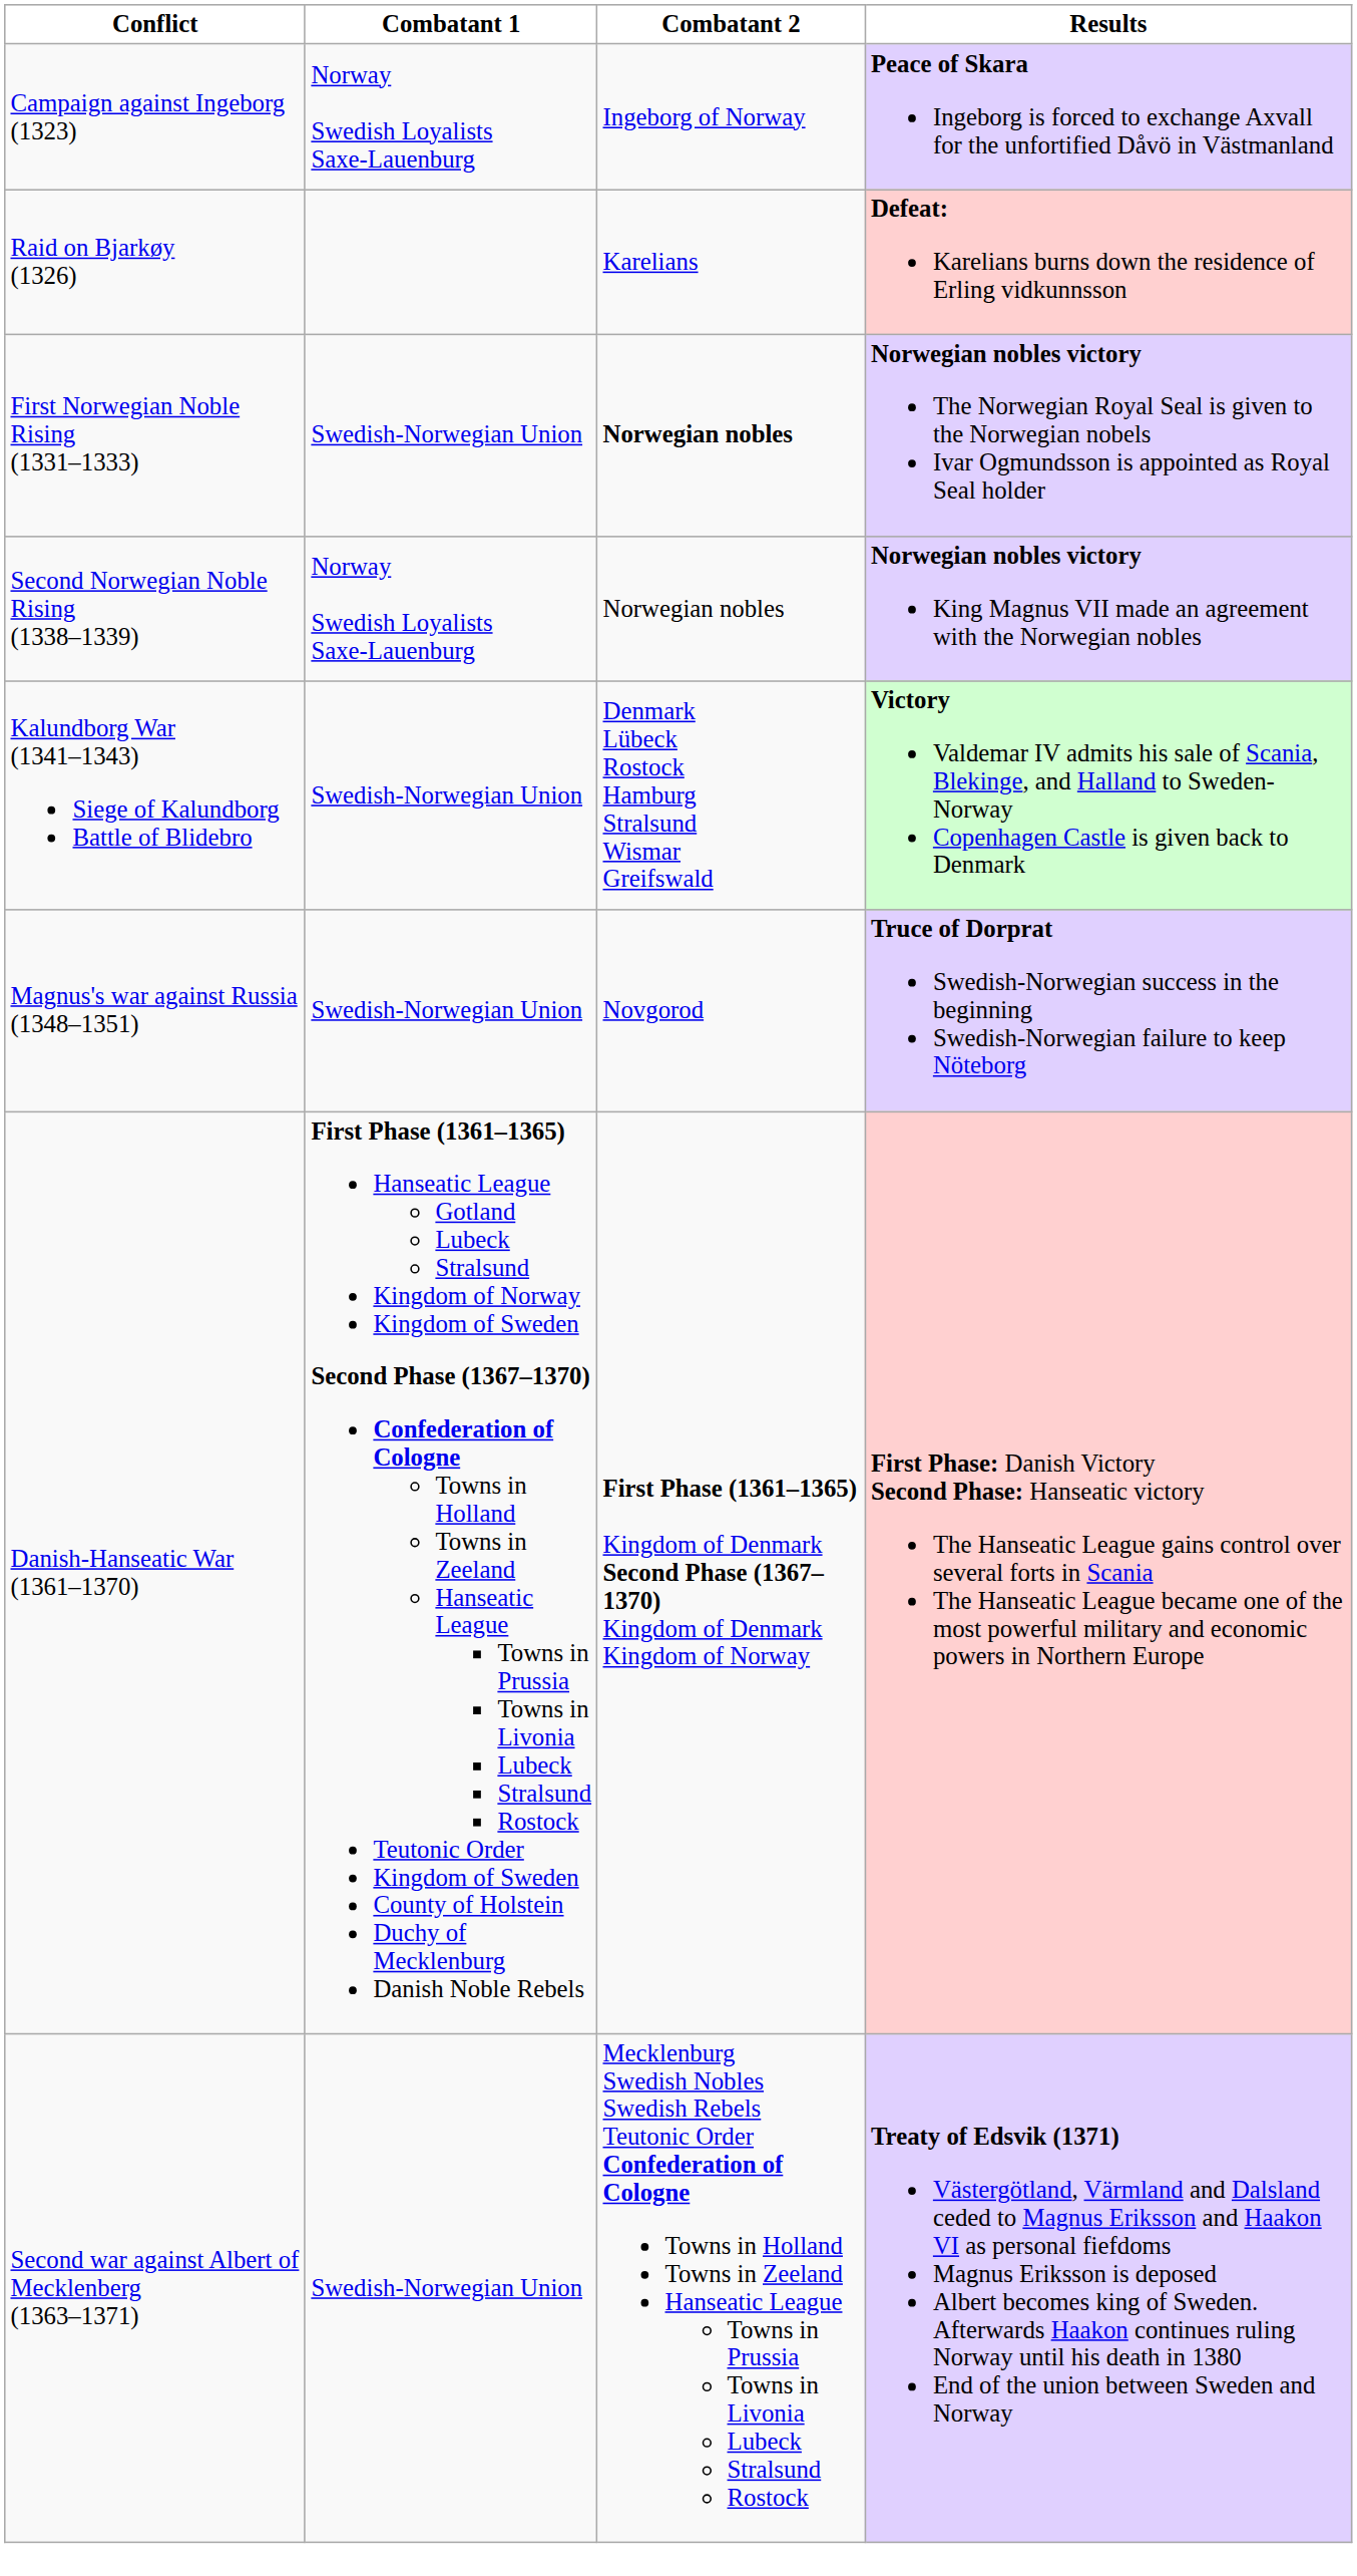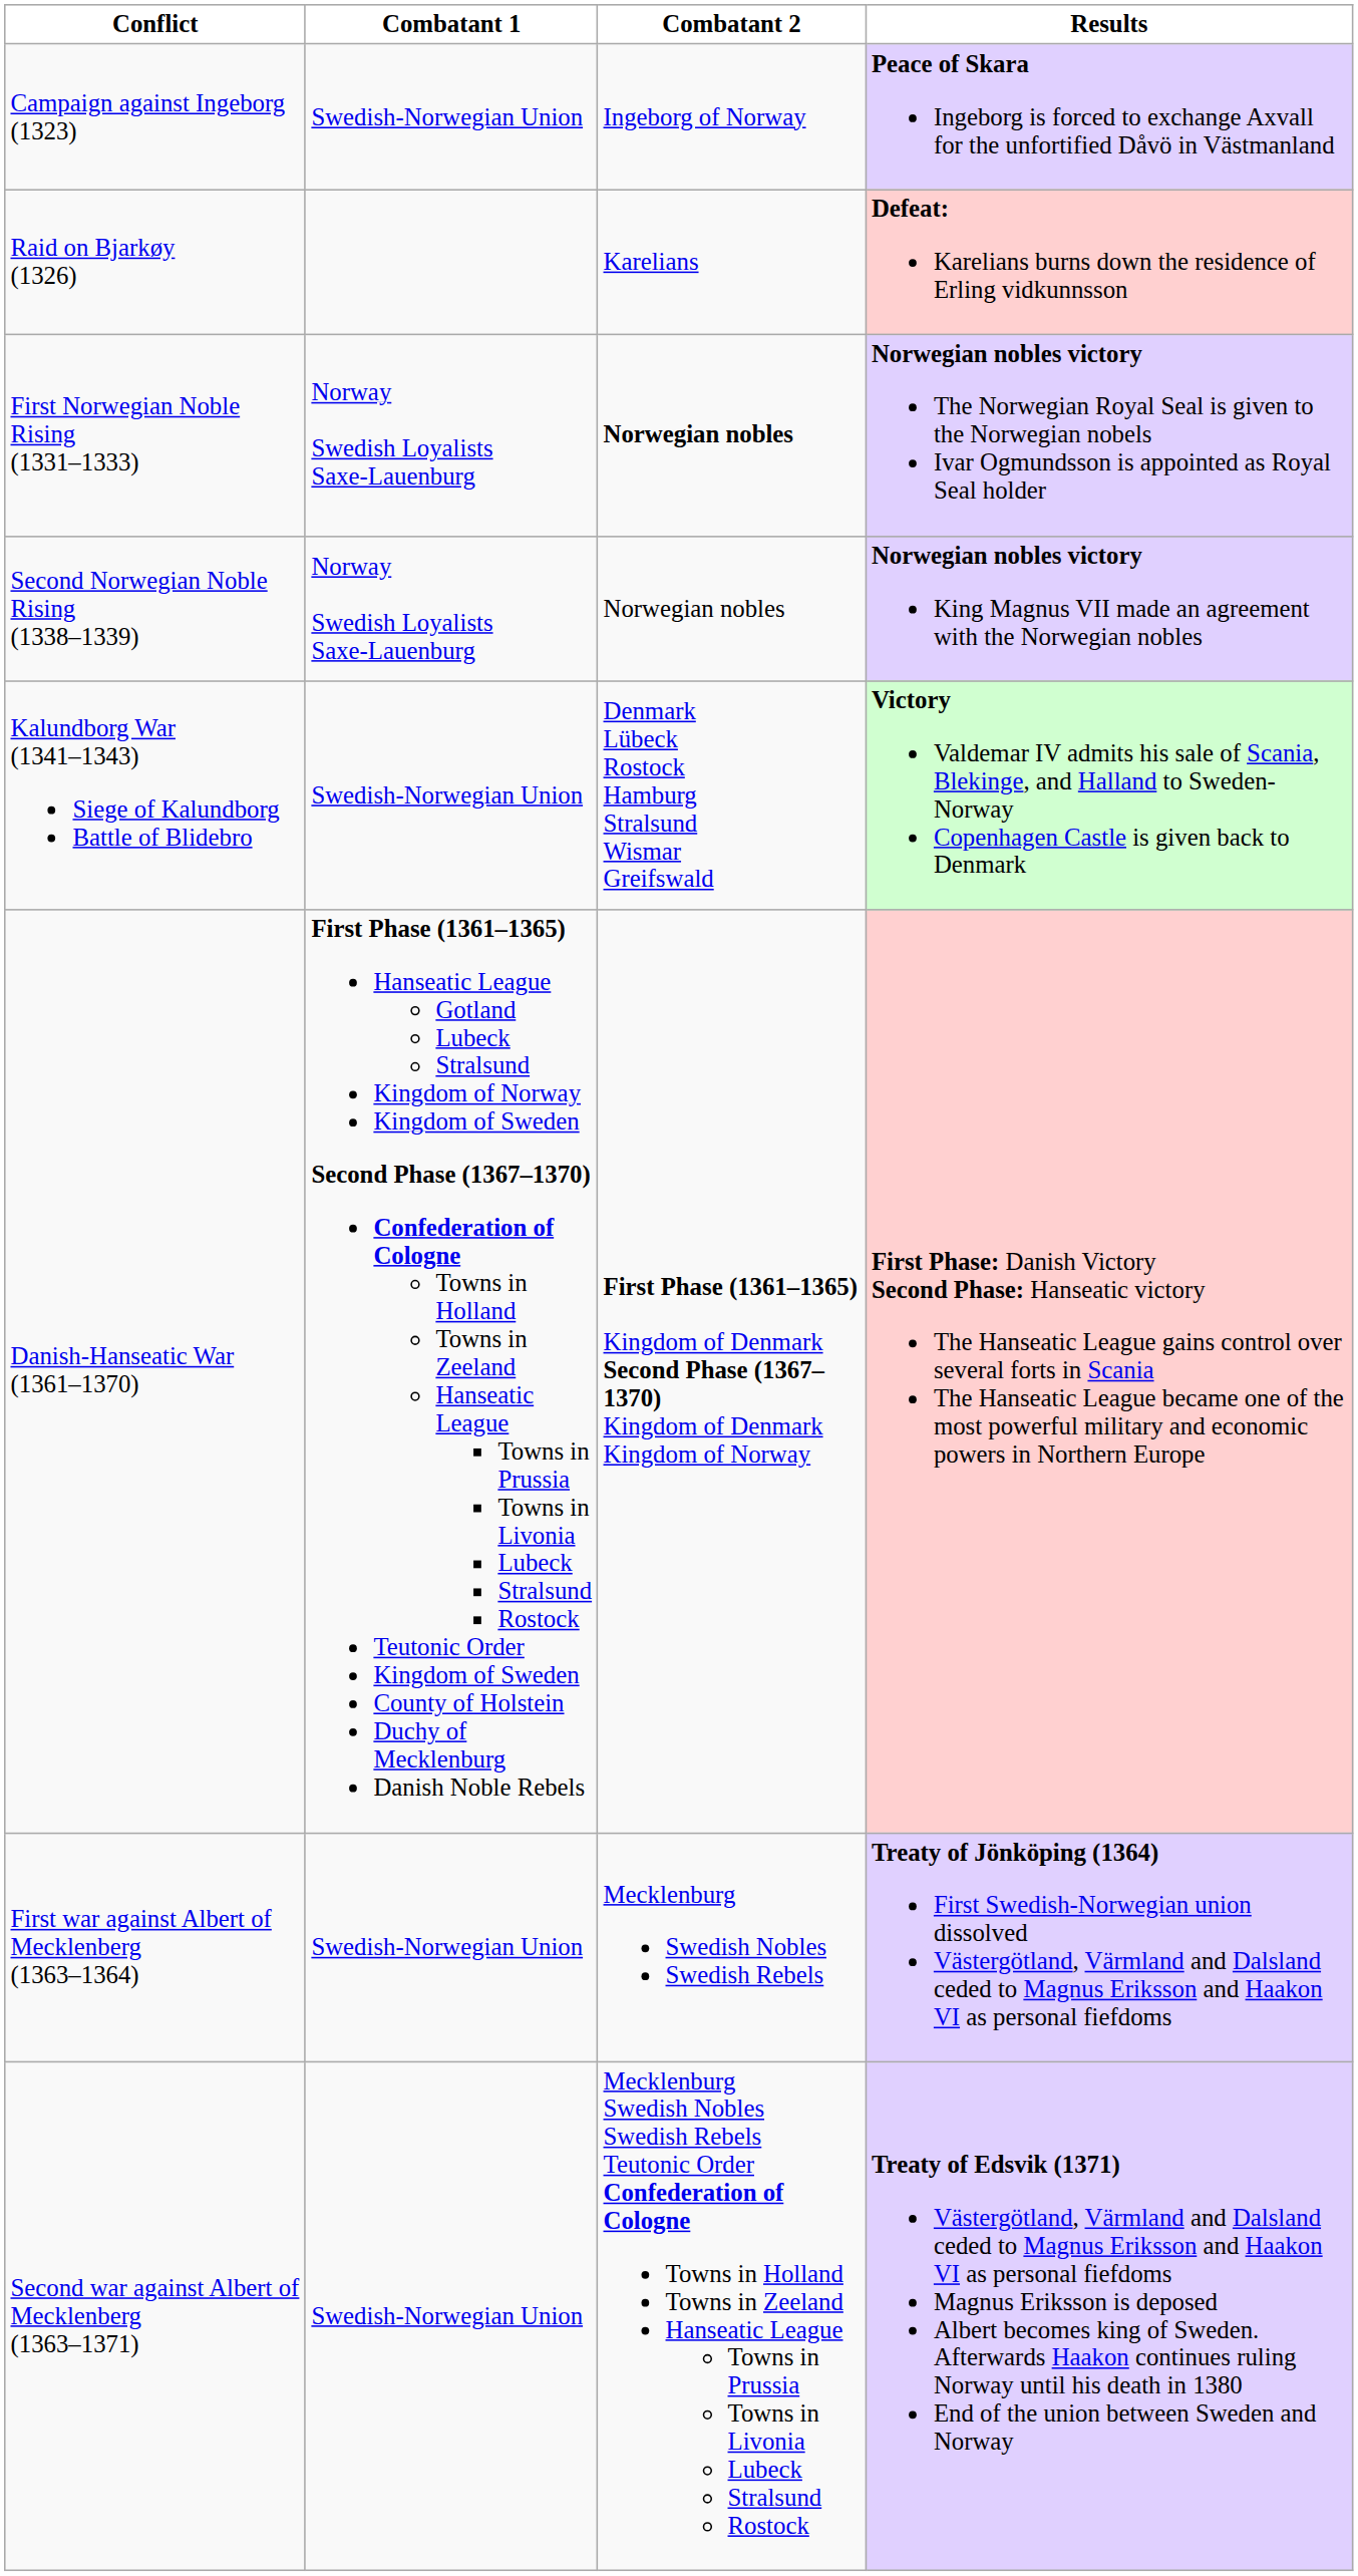 <table class="wikitable">
 <tr>
 <th style="background:white" rowspan="1" width=200px><span>Conflict</span></th>
 <th style="background:white" rowspan="1" width=170px><span>Combatant 1</span></th>
 <th style="background:white" rowspan="1" width=170px><span>Combatant 2</span></th>
 <th style="background:white" rowspan="1" width=340px><span>Results</span></th>
 </tr>
 <tr>
 <td><a href='#'>Campaign against Ingeborg</a><br>(1323)</td>
-<td> <a href='#'>Norway</a> <br><br> <a href='#'>Swedish Loyalists</a><br> <a href='#'>Saxe-Lauenburg</a></td>
+<td> <a href='#'>Swedish-Norwegian Union</a></td>
 <td><a href='#'>Ingeborg of Norway</a></td>
 <td style="background:#E0D0FF"><strong>Peace of Skara</strong><br><ul><li>Ingeborg is forced to exchange Axvall for the unfortified Dåvö in Västmanland</li></ul></td>
 </tr>
 <tr>
 <td><a href='#'>Raid on Bjarkøy</a><br>(1326)</td>
 <td></td>
 <td><a href='#'>Karelians</a></td>
 <td style="background:#FFD0D0"><strong>Defeat:</strong><br><ul><li>Karelians burns down the residence of Erling vidkunnsson</li></ul></td>
 </tr>
 <tr>
 <td><a href='#'>First Norwegian Noble Rising</a> <br>(1331–1333)</td>
-<td> <a href='#'>Swedish-Norwegian Union</a></td>
+<td> <a href='#'>Norway</a> <br><br> <a href='#'>Swedish Loyalists</a><br> <a href='#'>Saxe-Lauenburg</a></td>
 <td><strong>Norwegian nobles</strong></td>
 <td style="background:#E0D0FF"><strong>Norwegian nobles victory</strong><br><ul><li>The Norwegian Royal Seal is given to the Norwegian nobels</li><li>Ivar Ogmundsson is appointed as Royal Seal holder</li></ul></td>
 </tr>
 <tr>
 <td><a href='#'>Second Norwegian Noble Rising</a> <br>(1338–1339)</td>
 <td> <a href='#'>Norway</a> <br><br> <a href='#'>Swedish Loyalists</a><br> <a href='#'>Saxe-Lauenburg</a></td>
 <td>Norwegian nobles</td>
 <td style="background:#E0D0FF"><strong>Norwegian nobles victory</strong><br><ul><li>King Magnus VII made an agreement with the Norwegian nobles</li></ul></td>
 </tr>
 <tr>
 <td><a href='#'>Kalundborg War</a><br> (1341–1343)<br><ul><li><a href='#'>Siege of Kalundborg</a></li><li><a href='#'>Battle of Blidebro</a></li></ul></td>
 <td> <a href='#'>Swedish-Norwegian Union</a></td>
 <td> <a href='#'>Denmark</a><br><a href='#'>Lübeck</a> <br> <a href='#'>Rostock</a> <br> <a href='#'>Hamburg</a> <br> <a href='#'>Stralsund</a> <br> <a href='#'>Wismar</a> <br> <a href='#'>Greifswald</a></td>
 <td style="background:#D0FFD0"><strong>Victory</strong><br><ul><li>Valdemar IV admits his sale of <a href='#'>Scania</a>, <a href='#'>Blekinge</a>, and <a href='#'>Halland</a> to Sweden-Norway</li><li><a href='#'>Copenhagen Castle</a> is given back to Denmark</li></ul></td>
 </tr>
 <tr>
-<td><a href='#'>Magnus's war against Russia</a> <br>(1348–1351)</td>
-<td> <a href='#'>Swedish-Norwegian Union</a></td>
-<td><a href='#'>Novgorod</a></td>
-<td style="background:#E0D0FF"><strong>Truce of Dorprat</strong><br><ul><li>Swedish-Norwegian success in the beginning</li><li>Swedish-Norwegian failure to keep <a href='#'>Nöteborg</a></li></ul></td>
-</tr>
-<tr>
 <td><a href='#'>Danish-Hanseatic War</a> <br>(1361–1370)</td>
 <td> <strong>First Phase (1361–1365)</strong><br><ul><li> <a href='#'>Hanseatic League</a><ul><li> <a href='#'>Gotland</a></li><li> <a href='#'>Lubeck</a></li><li> <a href='#'>Stralsund</a></li></ul></li><li> <a href='#'>Kingdom of Norway</a></li><li> <a href='#'>Kingdom of Sweden</a></li></ul> <strong>Second Phase (1367–1370)</strong><ul><li><strong><a href='#'>Confederation of Cologne</a></strong><ul><li>Towns in <a href='#'>Holland</a></li><li>Towns in <a href='#'>Zeeland</a></li><li> <a href='#'>Hanseatic League</a><ul><li>Towns in <a href='#'>Prussia</a></li><li>Towns in <a href='#'>Livonia</a></li><li> <a href='#'>Lubeck</a></li><li> <a href='#'>Stralsund</a></li><li> <a href='#'>Rostock</a></li></ul></li></ul></li><li> <a href='#'>Teutonic Order</a></li><li> <a href='#'>Kingdom of Sweden</a></li><li> <a href='#'>County of Holstein</a></li><li> <a href='#'>Duchy of Mecklenburg</a></li><li>Danish Noble Rebels</li></ul></td>
 <td><strong>First Phase (1361–1365)</strong><br><br> <a href='#'>Kingdom of Denmark</a><br> <strong>Second Phase (1367–1370)</strong><br>  <a href='#'>Kingdom of Denmark</a><br> <a href='#'>Kingdom of Norway</a></td>
 <td style="background:#FFD0D0"><strong>First Phase:</strong> Danish Victory<br><strong>Second Phase:</strong> Hanseatic victory<ul><li>The Hanseatic League gains control over several forts in <a href='#'>Scania</a></li><li>The Hanseatic League became one of the most powerful military and economic powers in Northern Europe</li></ul></td>
+</tr>
+<tr>
+<td><a href='#'>First war against Albert of Mecklenberg</a> <br>(1363–1364)</td>
+<td> <a href='#'>Swedish-Norwegian Union</a></td>
+<td> <a href='#'>Mecklenburg</a><br><ul><li> <a href='#'>Swedish Nobles</a></li><li> <a href='#'>Swedish Rebels</a></li></ul></td>
+<td style="background:#E0D0FF"><strong>Treaty of Jönköping (1364)</strong><br><ul><li><a href='#'>First Swedish-Norwegian union</a> dissolved</li><li><a href='#'>Västergötland</a>, <a href='#'>Värmland</a> and <a href='#'>Dalsland</a> ceded to <a href='#'>Magnus Eriksson</a> and <a href='#'>Haakon VI</a> as personal fiefdoms</li></ul></td>
 </tr>
 <tr>
 <td><a href='#'>Second war against Albert of Mecklenberg</a> <br>(1363–1371)</td>
 <td> <a href='#'>Swedish-Norwegian Union</a></td>
 <td> <a href='#'>Mecklenburg</a><br> <a href='#'>Swedish Nobles</a><br> <a href='#'>Swedish Rebels</a><br> <a href='#'>Teutonic Order</a><br><strong><a href='#'>Confederation of Cologne</a></strong><br><ul><li>Towns in <a href='#'>Holland</a></li><li>Towns in <a href='#'>Zeeland</a></li><li> <a href='#'>Hanseatic League</a><ul><li>Towns in <a href='#'>Prussia</a></li><li>Towns in <a href='#'>Livonia</a></li><li> <a href='#'>Lubeck</a></li><li> <a href='#'>Stralsund</a></li><li> <a href='#'>Rostock</a></li></ul></li></ul></td>
 <td style="background:#E0D0FF"><strong>Treaty of Edsvik (1371)</strong><br><ul><li><a href='#'>Västergötland</a>, <a href='#'>Värmland</a> and <a href='#'>Dalsland</a> ceded to <a href='#'>Magnus Eriksson</a> and <a href='#'>Haakon VI</a> as personal fiefdoms</li><li>Magnus Eriksson is deposed</li><li>Albert becomes king of Sweden. Afterwards <a href='#'>Haakon</a> continues ruling Norway until his death in 1380</li><li>End of the union between Sweden and Norway</li></ul></td>
 </tr>
 </table>
